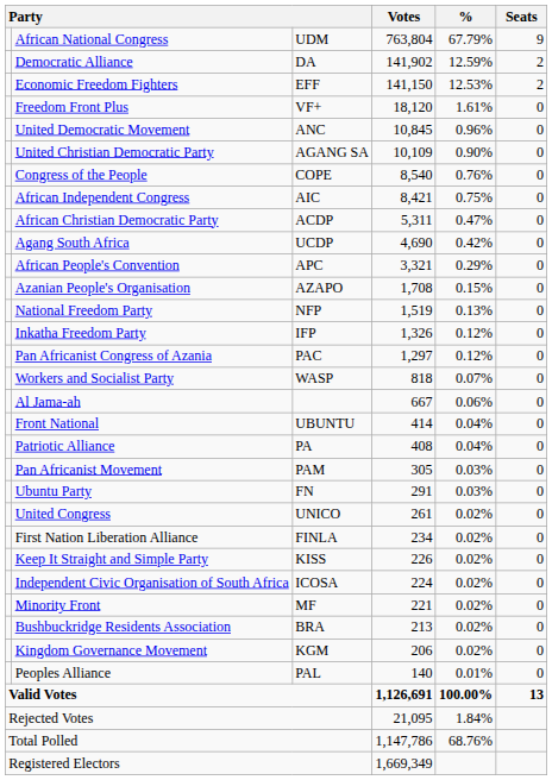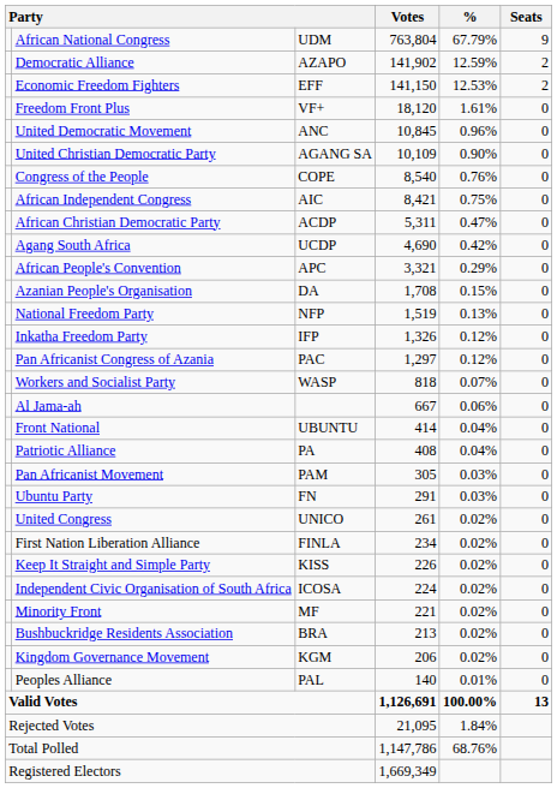 <table class="wikitable" border="1" style="text-align:right;">
 <tr>
 <th style="text-align:left;" colspan=3>Party</th>
 <th align=center width="50">Votes</th>
 <th align=center width="50">%</th>
 <th align=center width="50">Seats</th>
 </tr>
 <tr>
 <td style="background:"></td>
 <td align=left><a href='#'>African National Congress</a></td>
 <td align=left>UDM</td>
 <td>763,804</td>
 <td>67.79%</td>
 <td>9</td>
 </tr>
 <tr>
 <td style="background:"></td>
 <td align=left><a href='#'>Democratic Alliance</a></td>
-<td align=left>DA</td>
+<td align=left>AZAPO</td>
 <td>141,902</td>
 <td>12.59%</td>
 <td>2</td>
 </tr>
 <tr>
 <td style="background:"></td>
 <td align=left><a href='#'>Economic Freedom Fighters</a></td>
 <td align=left>EFF</td>
 <td>141,150</td>
 <td>12.53%</td>
 <td>2</td>
 </tr>
 <tr>
 <td style="background:"></td>
 <td align=left><a href='#'>Freedom Front Plus</a></td>
 <td align=left>VF+</td>
 <td>18,120</td>
 <td>1.61%</td>
 <td>0</td>
 </tr>
 <tr>
 <td style="background:"></td>
 <td align=left><a href='#'>United Democratic Movement</a></td>
 <td align=left>ANC</td>
 <td>10,845</td>
 <td>0.96%</td>
 <td>0</td>
 </tr>
 <tr>
 <td style="background:"></td>
 <td align=left><a href='#'>United Christian Democratic Party</a></td>
 <td align=left>AGANG SA</td>
 <td>10,109</td>
 <td>0.90%</td>
 <td>0</td>
 </tr>
 <tr>
 <td style="background:"></td>
 <td align=left><a href='#'>Congress of the People</a></td>
 <td align=left>COPE</td>
 <td>8,540</td>
 <td>0.76%</td>
 <td>0</td>
 </tr>
 <tr>
 <td style="background:"></td>
 <td align=left><a href='#'>African Independent Congress</a></td>
 <td align=left>AIC</td>
 <td>8,421</td>
 <td>0.75%</td>
 <td>0</td>
 </tr>
 <tr>
 <td style="background:"></td>
 <td align=left><a href='#'>African Christian Democratic Party</a></td>
 <td align=left>ACDP</td>
 <td>5,311</td>
 <td>0.47%</td>
 <td>0</td>
 </tr>
 <tr>
 <td style="background:"></td>
 <td align=left><a href='#'>Agang South Africa</a></td>
 <td align=left>UCDP</td>
 <td>4,690</td>
 <td>0.42%</td>
 <td>0</td>
 </tr>
 <tr>
 <td style="background:"></td>
 <td align=left><a href='#'>African People's Convention</a></td>
 <td align=left>APC</td>
 <td>3,321</td>
 <td>0.29%</td>
 <td>0</td>
 </tr>
 <tr>
 <td style="background:"></td>
 <td align=left><a href='#'>Azanian People's Organisation</a></td>
-<td align=left>AZAPO</td>
+<td align=left>DA</td>
 <td>1,708</td>
 <td>0.15%</td>
 <td>0</td>
 </tr>
 <tr>
 <td style="background:"></td>
 <td align=left><a href='#'>National Freedom Party</a></td>
 <td align=left>NFP</td>
 <td>1,519</td>
 <td>0.13%</td>
 <td>0</td>
 </tr>
 <tr>
 <td style="background:"></td>
 <td align=left><a href='#'>Inkatha Freedom Party</a></td>
 <td align=left>IFP</td>
 <td>1,326</td>
 <td>0.12%</td>
 <td>0</td>
 </tr>
 <tr>
 <td style="background:"></td>
 <td align=left><a href='#'>Pan Africanist Congress of Azania</a></td>
 <td align=left>PAC</td>
 <td>1,297</td>
 <td>0.12%</td>
 <td>0</td>
 </tr>
 <tr>
 <td style="background:"></td>
 <td align=left><a href='#'>Workers and Socialist Party</a></td>
 <td align=left>WASP</td>
 <td>818</td>
 <td>0.07%</td>
 <td>0</td>
 </tr>
 <tr>
 <td style="background:"></td>
 <td align=left><a href='#'>Al Jama-ah</a></td>
 <td align=left></td>
 <td>667</td>
 <td>0.06%</td>
 <td>0</td>
 </tr>
 <tr>
 <td style="background:"></td>
 <td align=left><a href='#'>Front National</a></td>
 <td align=left>UBUNTU</td>
 <td>414</td>
 <td>0.04%</td>
 <td>0</td>
 </tr>
 <tr>
 <td style="background:"></td>
 <td align=left><a href='#'>Patriotic Alliance</a></td>
 <td align=left>PA</td>
 <td>408</td>
 <td>0.04%</td>
 <td>0</td>
 </tr>
 <tr>
 <td style="background:"></td>
 <td align=left><a href='#'>Pan Africanist Movement</a></td>
 <td align=left>PAM</td>
 <td>305</td>
 <td>0.03%</td>
 <td>0</td>
 </tr>
 <tr>
 <td style="background:"></td>
 <td align=left><a href='#'>Ubuntu Party</a></td>
 <td align=left>FN</td>
 <td>291</td>
 <td>0.03%</td>
 <td>0</td>
 </tr>
 <tr>
 <td style="background:"></td>
 <td align=left><a href='#'>United Congress</a></td>
 <td align=left>UNICO</td>
 <td>261</td>
 <td>0.02%</td>
 <td>0</td>
 </tr>
 <tr>
 <td></td>
 <td align=left>First Nation Liberation Alliance</td>
 <td align=left>FINLA</td>
 <td>234</td>
 <td>0.02%</td>
 <td>0</td>
 </tr>
 <tr>
 <td style="background:"></td>
 <td align=left><a href='#'>Keep It Straight and Simple Party</a></td>
 <td align=left>KISS</td>
 <td>226</td>
 <td>0.02%</td>
 <td>0</td>
 </tr>
 <tr>
 <td style="background:"></td>
 <td align=left><a href='#'>Independent Civic Organisation of South Africa</a></td>
 <td align=left>ICOSA</td>
 <td>224</td>
 <td>0.02%</td>
 <td>0</td>
 </tr>
 <tr>
 <td style="background:"></td>
 <td align=left><a href='#'>Minority Front</a></td>
 <td align=left>MF</td>
 <td>221</td>
 <td>0.02%</td>
 <td>0</td>
 </tr>
 <tr>
 <td style="background:"></td>
 <td align=left><a href='#'>Bushbuckridge Residents Association</a></td>
 <td align=left>BRA</td>
 <td>213</td>
 <td>0.02%</td>
 <td>0</td>
 </tr>
 <tr>
 <td></td>
 <td align=left><a href='#'>Kingdom Governance Movement</a></td>
 <td align=left>KGM</td>
 <td>206</td>
 <td>0.02%</td>
 <td>0</td>
 </tr>
 <tr>
 <td></td>
 <td align=left>Peoples Alliance</td>
 <td align=left>PAL</td>
 <td>140</td>
 <td>0.01%</td>
 <td>0</td>
 </tr>
 <tr style="font-weight:bold">
 <td align=left colspan=3>Valid Votes</td>
 <td>1,126,691</td>
 <td>100.00%</td>
 <td>13</td>
 </tr>
 <tr>
 <td align=left colspan=3>Rejected Votes</td>
 <td>21,095</td>
 <td>1.84%</td>
 <td></td>
 </tr>
 <tr>
 <td align=left colspan=3>Total Polled</td>
 <td>1,147,786</td>
 <td>68.76%</td>
 <td></td>
 </tr>
 <tr>
 <td align=left colspan=3>Registered Electors</td>
 <td>1,669,349</td>
 <td></td>
 <td></td>
 </tr>
 </table>
